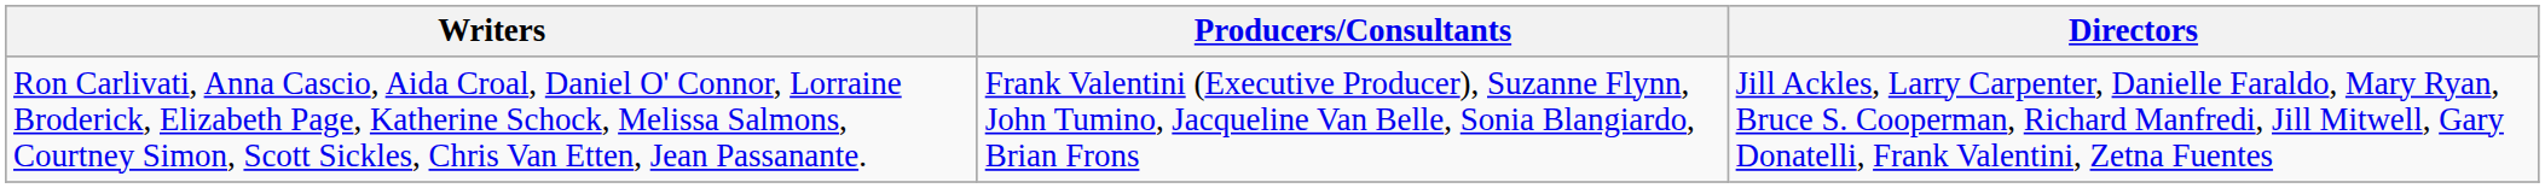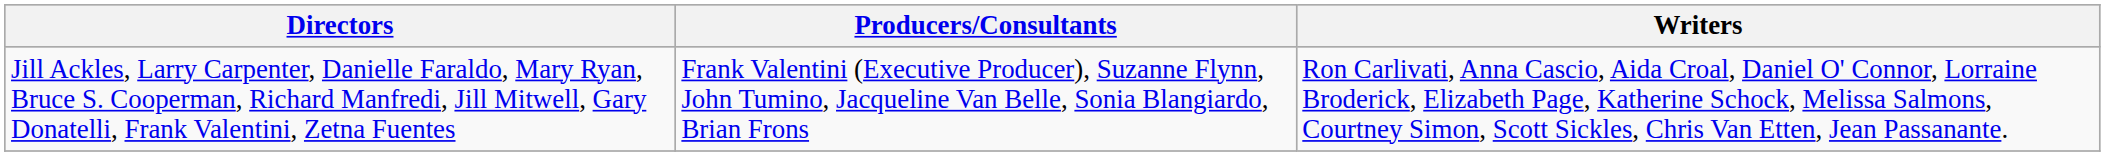 <table class="wikitable">
 <tr>
+<th><a href='#'>Directors</a></th>
+<th><a href='#'>Producers/Consultants</a></th>
 <th>Writers</th>
-<th><a href='#'>Producers/Consultants</a></th>
-<th><a href='#'>Directors</a></th>
 </tr>
 <tr>
+<td><a href='#'>Jill Ackles</a>, <a href='#'>Larry Carpenter</a>, <a href='#'>Danielle Faraldo</a>, <a href='#'>Mary Ryan</a>, <a href='#'>Bruce S. Cooperman</a>, <a href='#'>Richard Manfredi</a>, <a href='#'>Jill Mitwell</a>, <a href='#'>Gary Donatelli</a>, <a href='#'>Frank Valentini</a>, <a href='#'>Zetna Fuentes</a></td>
+<td><a href='#'>Frank Valentini</a> (<a href='#'>Executive Producer</a>), <a href='#'>Suzanne Flynn</a>, <a href='#'>John Tumino</a>, <a href='#'>Jacqueline Van Belle</a>, <a href='#'>Sonia Blangiardo</a>, <a href='#'>Brian Frons</a></td>
 <td><a href='#'>Ron Carlivati</a>, <a href='#'>Anna Cascio</a>, <a href='#'>Aida Croal</a>, <a href='#'>Daniel O' Connor</a>, <a href='#'>Lorraine Broderick</a>, <a href='#'>Elizabeth Page</a>, <a href='#'>Katherine Schock</a>, <a href='#'>Melissa Salmons</a>, <a href='#'>Courtney Simon</a>, <a href='#'>Scott Sickles</a>, <a href='#'>Chris Van Etten</a>, <a href='#'>Jean Passanante</a>.</td>
-<td><a href='#'>Frank Valentini</a> (<a href='#'>Executive Producer</a>), <a href='#'>Suzanne Flynn</a>, <a href='#'>John Tumino</a>, <a href='#'>Jacqueline Van Belle</a>, <a href='#'>Sonia Blangiardo</a>, <a href='#'>Brian Frons</a></td>
-<td><a href='#'>Jill Ackles</a>, <a href='#'>Larry Carpenter</a>, <a href='#'>Danielle Faraldo</a>, <a href='#'>Mary Ryan</a>, <a href='#'>Bruce S. Cooperman</a>, <a href='#'>Richard Manfredi</a>, <a href='#'>Jill Mitwell</a>, <a href='#'>Gary Donatelli</a>, <a href='#'>Frank Valentini</a>, <a href='#'>Zetna Fuentes</a></td>
 </tr>
 </table>
